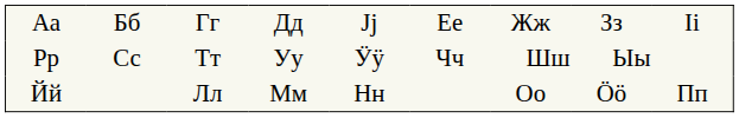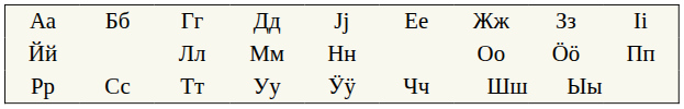 <table style="font-family:Arial Unicode MS; font-size:1.4em; border-color:#000000; border-width:1px; border-style:solid; border-collapse:collapse; text-align:right; background-color:#F8F8EF">
 <tr>
 <td style="width:3em; text-align:center; padding: 3px;">Аа</td>
 <td style="width:3em; text-align:center; padding: 3px;">Бб</td>
 <td style="width:3em; text-align:center; padding: 3px;">Гг</td>
 <td style="width:3em; text-align:center; padding: 3px;">Дд</td>
 <td style="width:3em; text-align:center; padding: 3px;">Jj</td>
 <td style="width:3em; text-align:center; padding: 3px;">Ее</td>
 <td style="width:3em; text-align:center; padding: 3px;">Жж</td>
 <td style="width:3em; text-align:center; padding: 3px;">Зз</td>
 <td style="width:3em; text-align:center; padding: 3px;">Ii</td>
 </tr>
 <tr>
+<td style="width:3em; text-align:center; padding: 3px;">Йй</td>
+<td style="width:3em; text-align:center; padding: 3px;"></td>
+<td style="width:3em; text-align:center; padding: 3px;">Лл</td>
+<td style="width:3em; text-align:center; padding: 3px;">Мм</td>
+<td style="width:3em; text-align:center; padding: 3px;">Нн</td>
+<td style="width:3em; text-align:center; padding: 3px;"></td>
+<td style="width:3em; text-align:center; padding: 3px;">Oo</td>
+<td style="width:3em; text-align:center; padding: 3px;">Ӧӧ</td>
+<td style="width:3em; text-align:center; padding: 3px;">Пп</td>
+</tr>
+<tr>
 <td style="width:3em; text-align:center; padding: 3px;">Рр</td>
 <td style="width:3em; text-align:center; padding: 3px;">Сс</td>
 <td style="width:3em; text-align:center; padding: 3px;">Тт</td>
 <td style="width:3em; text-align:center; padding: 3px;">Уу</td>
 <td style="width:3em; text-align:center; padding: 3px;">Ӱӱ</td>
 <td style="width:3em; text-align:center; padding: 3px;">Чч</td>
 <td>Шш</td>
 <td>Ыы</td>
 <td></td>
 </tr>
-<tr>
-<td style="width:3em; text-align:center; padding: 3px;">Йй</td>
-<td style="width:3em; text-align:center; padding: 3px;"></td>
-<td style="width:3em; text-align:center; padding: 3px;">Лл</td>
-<td style="width:3em; text-align:center; padding: 3px;">Мм</td>
-<td style="width:3em; text-align:center; padding: 3px;">Нн</td>
-<td style="width:3em; text-align:center; padding: 3px;"></td>
-<td style="width:3em; text-align:center; padding: 3px;">Oo</td>
-<td style="width:3em; text-align:center; padding: 3px;">Ӧӧ</td>
-<td style="width:3em; text-align:center; padding: 3px;">Пп</td>
-</tr>
 </table>
